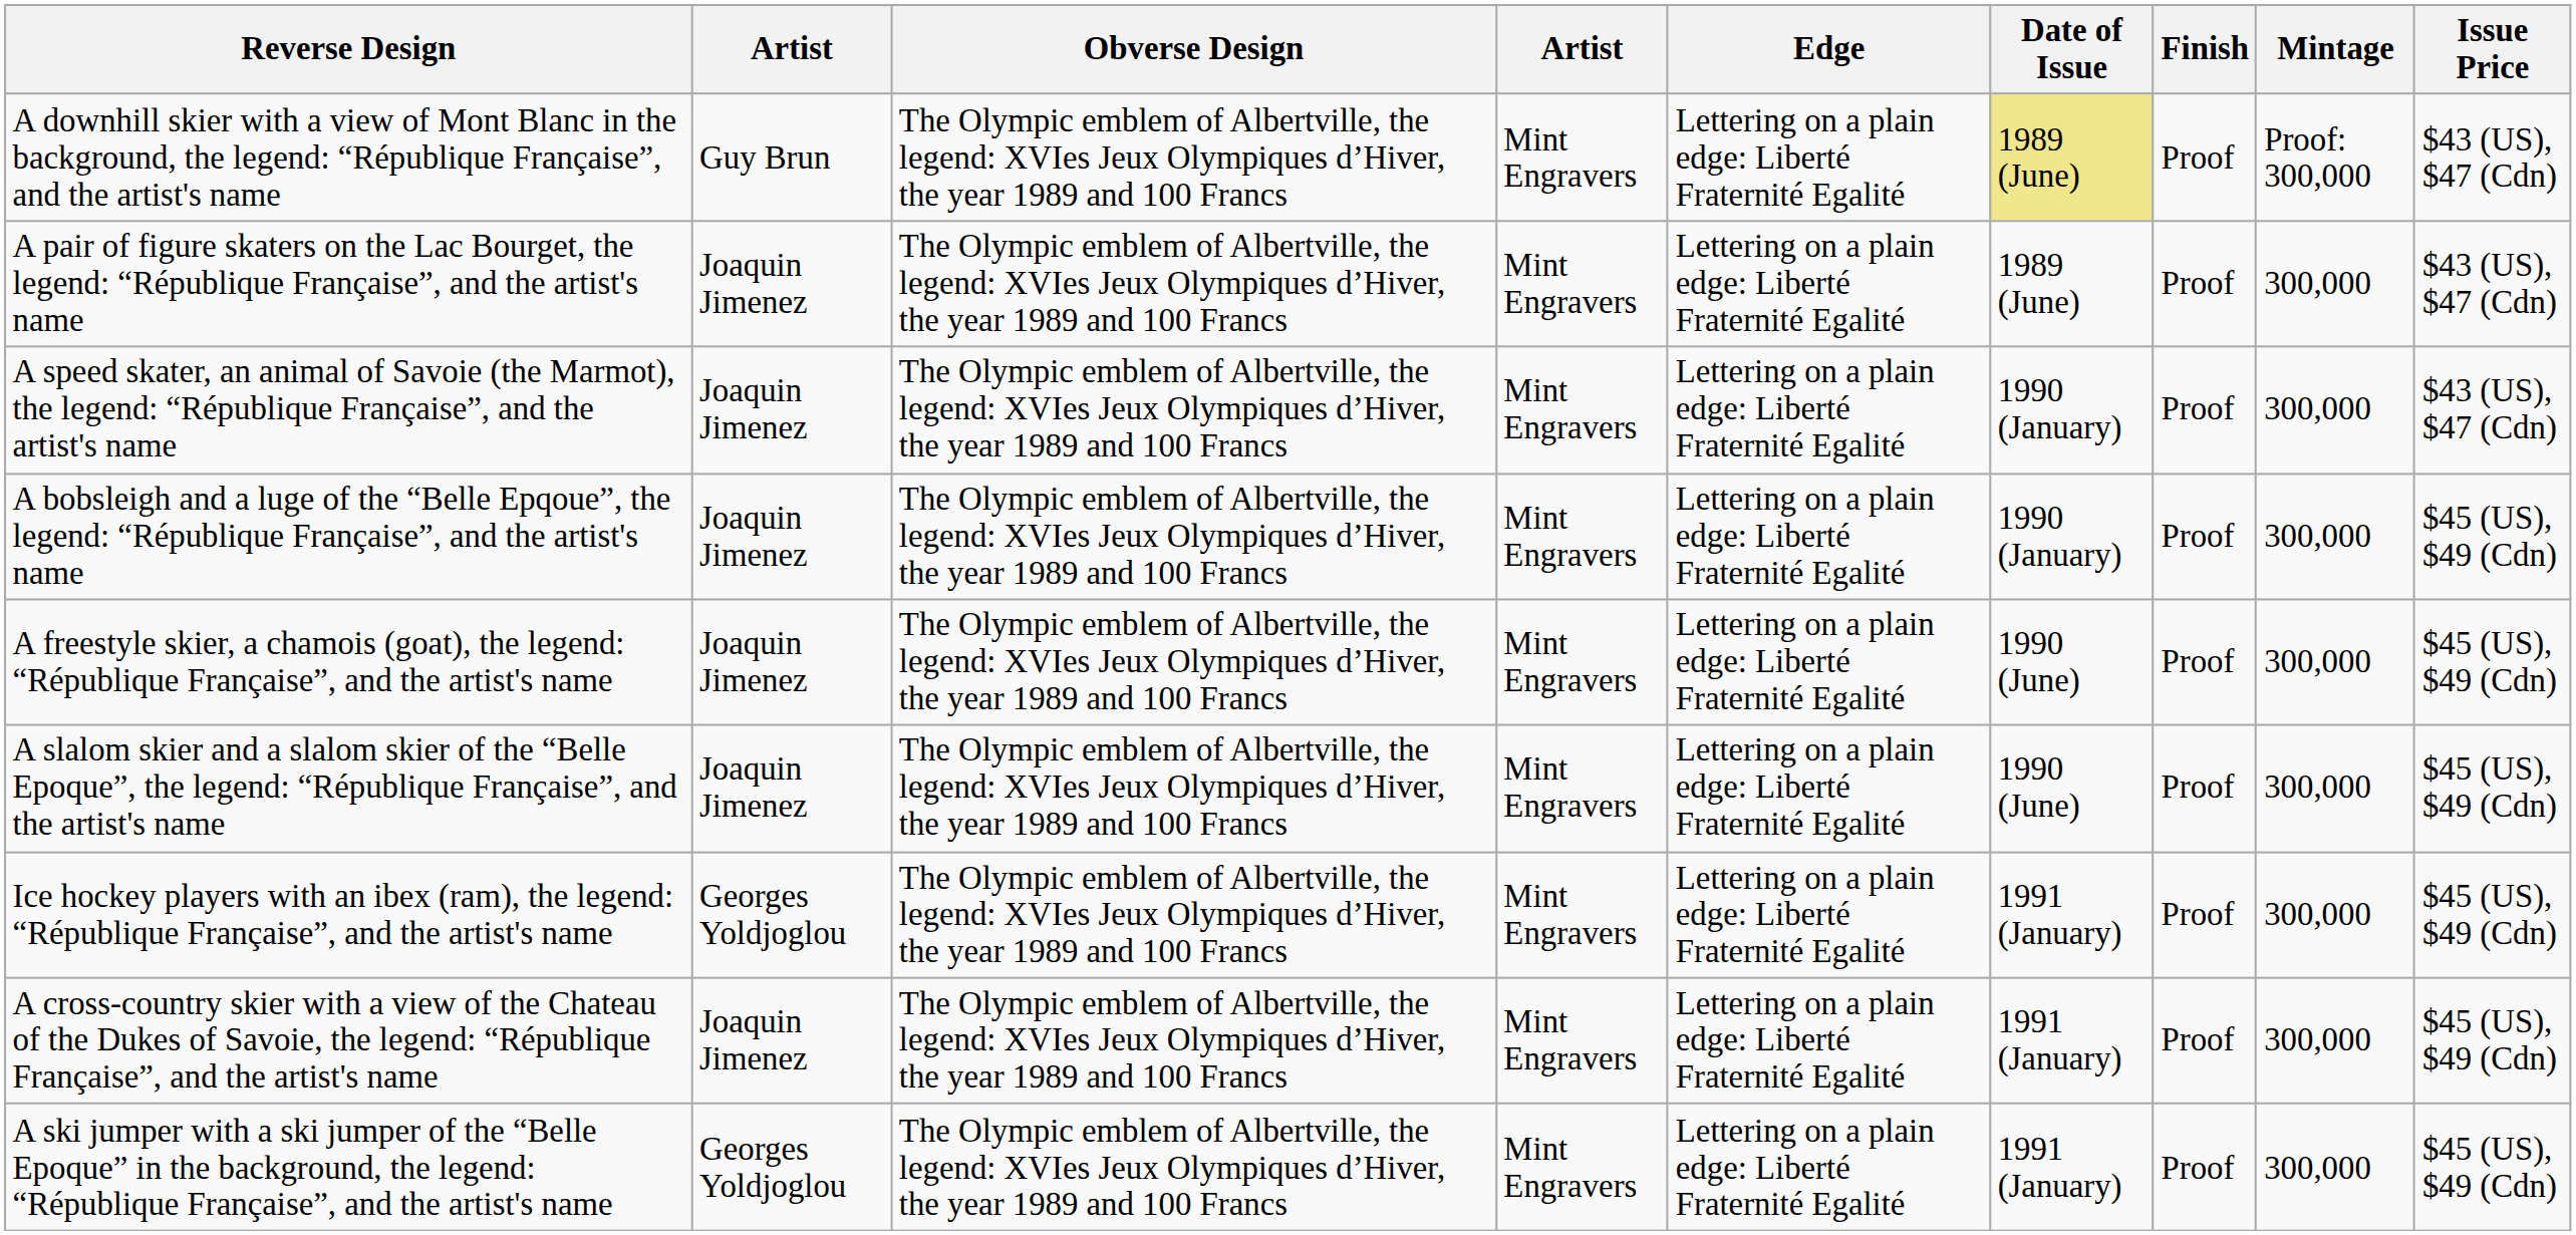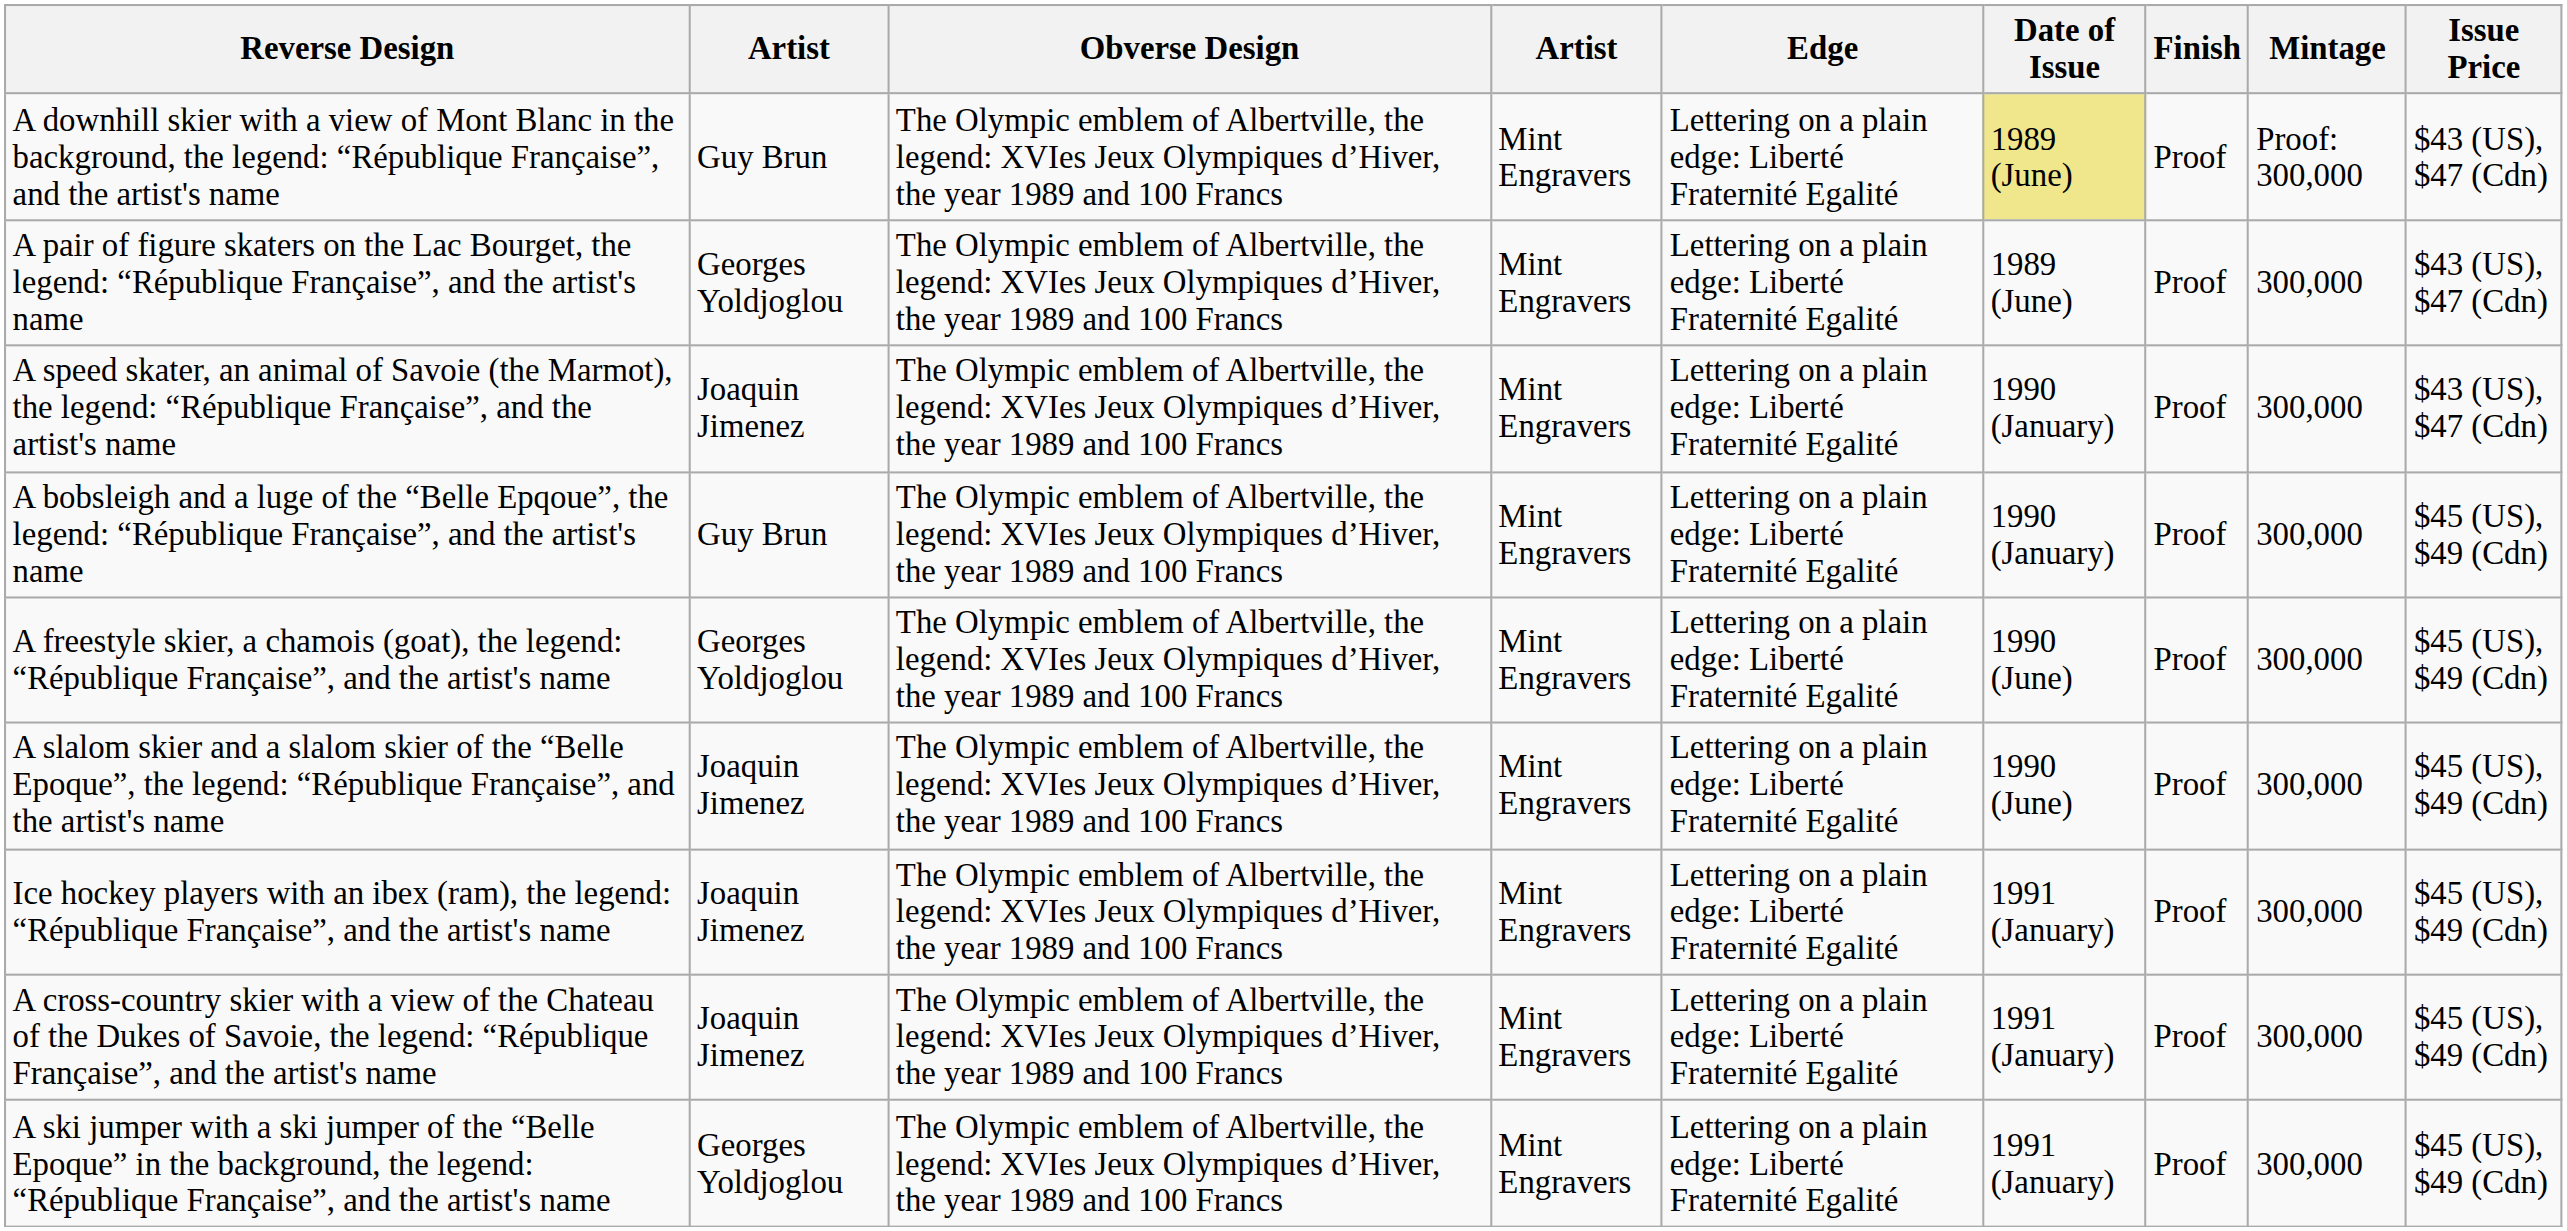 <table class="wikitable">
 <tr>
 <th>Reverse Design</th>
 <th>Artist</th>
 <th>Obverse Design</th>
 <th>Artist</th>
 <th>Edge</th>
 <th>Date of Issue</th>
 <th>Finish</th>
 <th>Mintage</th>
 <th>Issue Price</th>
 </tr>
 <tr>
 <td>A downhill skier with a view of Mont Blanc in the background, the legend: “République Française”, and the artist's name</td>
 <td>Guy Brun</td>
 <td>The Olympic emblem of Albertville, the legend: XVIes Jeux Olympiques d’Hiver, the year 1989 and 100 Francs</td>
 <td>Mint Engravers</td>
 <td>Lettering on a plain edge: Liberté Fraternité Egalité</td>
 <td style="background: khaki;">1989 (June)</td>
 <td>Proof</td>
 <td>Proof: 300,000</td>
 <td>$43 (US), $47 (Cdn)</td>
 </tr>
 <tr>
 <td>A pair of figure skaters on the Lac Bourget, the legend: “République Française”, and the artist's name</td>
-<td>Joaquin Jimenez</td>
+<td>Georges Yoldjoglou</td>
 <td>The Olympic emblem of Albertville, the legend: XVIes Jeux Olympiques d’Hiver, the year 1989 and 100 Francs</td>
 <td>Mint Engravers</td>
 <td>Lettering on a plain edge: Liberté Fraternité Egalité</td>
 <td>1989 (June)</td>
 <td>Proof</td>
 <td>300,000</td>
 <td>$43 (US), $47 (Cdn)</td>
 </tr>
 <tr>
 <td>A speed skater, an animal of Savoie (the Marmot), the legend: “République Française”, and the artist's name</td>
 <td>Joaquin Jimenez</td>
 <td>The Olympic emblem of Albertville, the legend: XVIes Jeux Olympiques d’Hiver, the year 1989 and 100 Francs</td>
 <td>Mint Engravers</td>
 <td>Lettering on a plain edge: Liberté Fraternité Egalité</td>
 <td>1990 (January)</td>
 <td>Proof</td>
 <td>300,000</td>
 <td>$43 (US), $47 (Cdn)</td>
 </tr>
 <tr>
 <td>A bobsleigh and a luge of the “Belle Epqoue”, the legend: “République Française”, and the artist's name</td>
-<td>Joaquin Jimenez</td>
+<td>Guy Brun</td>
 <td>The Olympic emblem of Albertville, the legend: XVIes Jeux Olympiques d’Hiver, the year 1989 and 100 Francs</td>
 <td>Mint Engravers</td>
 <td>Lettering on a plain edge: Liberté Fraternité Egalité</td>
 <td>1990 (January)</td>
 <td>Proof</td>
 <td>300,000</td>
 <td>$45 (US), $49 (Cdn)</td>
 </tr>
 <tr>
 <td>A freestyle skier, a chamois (goat), the legend: “République Française”, and the artist's name</td>
-<td>Joaquin Jimenez</td>
+<td>Georges Yoldjoglou</td>
 <td>The Olympic emblem of Albertville, the legend: XVIes Jeux Olympiques d’Hiver, the year 1989 and 100 Francs</td>
 <td>Mint Engravers</td>
 <td>Lettering on a plain edge: Liberté Fraternité Egalité</td>
 <td>1990 (June)</td>
 <td>Proof</td>
 <td>300,000</td>
 <td>$45 (US), $49 (Cdn)</td>
 </tr>
 <tr>
 <td>A slalom skier and a slalom skier of the “Belle Epoque”, the legend: “République Française”, and the artist's name</td>
 <td>Joaquin Jimenez</td>
 <td>The Olympic emblem of Albertville, the legend: XVIes Jeux Olympiques d’Hiver, the year 1989 and 100 Francs</td>
 <td>Mint Engravers</td>
 <td>Lettering on a plain edge: Liberté Fraternité Egalité</td>
 <td>1990 (June)</td>
 <td>Proof</td>
 <td>300,000</td>
 <td>$45 (US), $49 (Cdn)</td>
 </tr>
 <tr>
 <td>Ice hockey players with an ibex (ram), the legend: “République Française”, and the artist's name</td>
-<td>Georges Yoldjoglou</td>
+<td>Joaquin Jimenez</td>
 <td>The Olympic emblem of Albertville, the legend: XVIes Jeux Olympiques d’Hiver, the year 1989 and 100 Francs</td>
 <td>Mint Engravers</td>
 <td>Lettering on a plain edge: Liberté Fraternité Egalité</td>
 <td>1991 (January)</td>
 <td>Proof</td>
 <td>300,000</td>
 <td>$45 (US), $49 (Cdn)</td>
 </tr>
 <tr>
 <td>A cross-country skier with a view of the Chateau of the Dukes of Savoie, the legend: “République Française”, and the artist's name</td>
 <td>Joaquin Jimenez</td>
 <td>The Olympic emblem of Albertville, the legend: XVIes Jeux Olympiques d’Hiver, the year 1989 and 100 Francs</td>
 <td>Mint Engravers</td>
 <td>Lettering on a plain edge: Liberté Fraternité Egalité</td>
 <td>1991 (January)</td>
 <td>Proof</td>
 <td>300,000</td>
 <td>$45 (US), $49 (Cdn)</td>
 </tr>
 <tr>
 <td>A ski jumper with a ski jumper of the “Belle Epoque” in the background, the legend: “République Française”, and the artist's name</td>
 <td>Georges Yoldjoglou</td>
 <td>The Olympic emblem of Albertville, the legend: XVIes Jeux Olympiques d’Hiver, the year 1989 and 100 Francs</td>
 <td>Mint Engravers</td>
 <td>Lettering on a plain edge: Liberté Fraternité Egalité</td>
 <td>1991 (January)</td>
 <td>Proof</td>
 <td>300,000</td>
 <td>$45 (US), $49 (Cdn)</td>
 </tr>
 <tr>
 </tr>
 </table>
